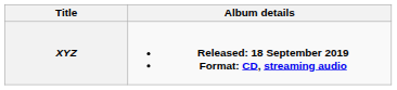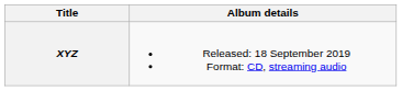 <table class="wikitable plainrowheaders" style="text-align:center">
 <tr>
 <th scope="col" style="width:11em;">Title</th>
 <th scope="col" style="width:24em;">Album details</th>
 </tr>
 <tr>
 <th scope="row"><em>XYZ</em></th>
-<td><strong><br><ul><li>Released: 18 September 2019</li><li>Format: <a href='#'>CD</a>, <a href='#'>streaming audio</a></li></ul></strong></td>
+<td><br><ul><li>Released: 18 September 2019</li><li>Format: <a href='#'>CD</a>, <a href='#'>streaming audio</a></li></ul></td>
 </tr>
 </table>
